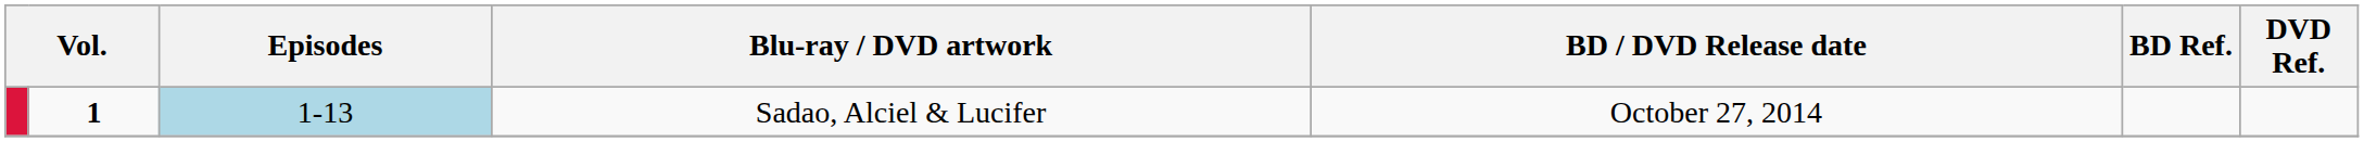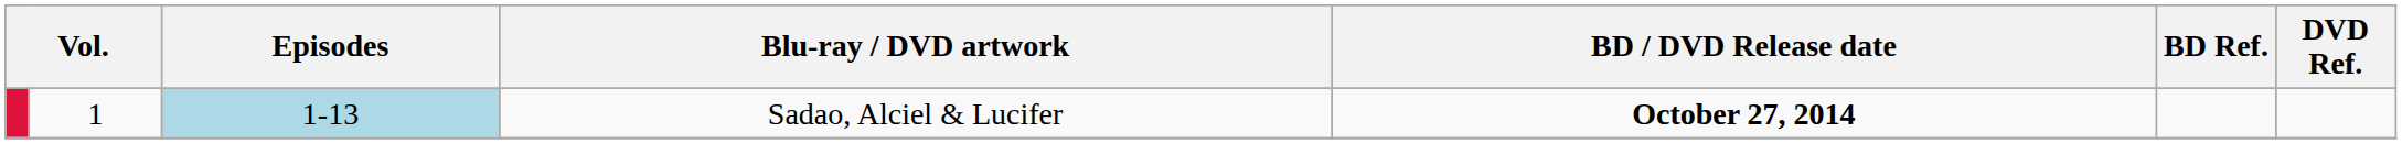 <table class="wikitable" style="text-align: center; width: 98%;">
 <tr>
 <th colspan="2">Vol.</th>
 <th>Episodes</th>
 <th>Blu-ray / DVD artwork</th>
 <th>BD / DVD Release date</th>
 <th width="5%">BD Ref.</th>
 <th width="5%">DVD Ref.</th>
 </tr>
 <tr>
 <td width="1%" style="background: Crimson;"></td>
-<td><strong>1</strong></td>
+<td>1</td>
 <td style="background: lightblue;">1-13</td>
 <td>Sadao, Alciel & Lucifer</td>
-<td>October 27, 2014</td>
+<td><strong>October 27, 2014</strong></td>
 <td></td>
 <td></td>
 </tr>
 <tr>
 </tr>
 </table>
